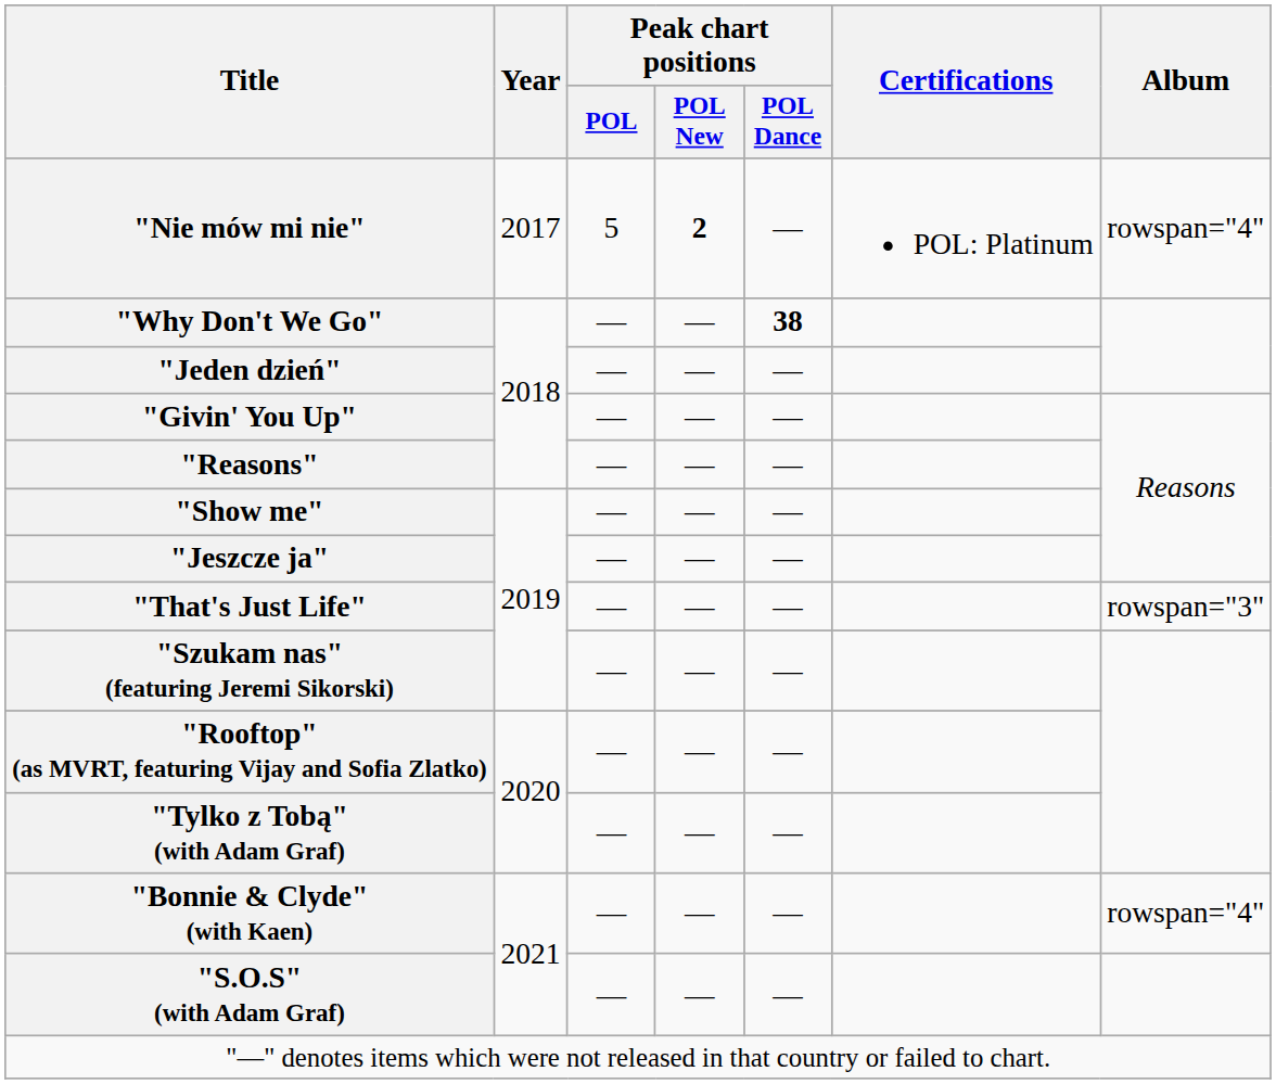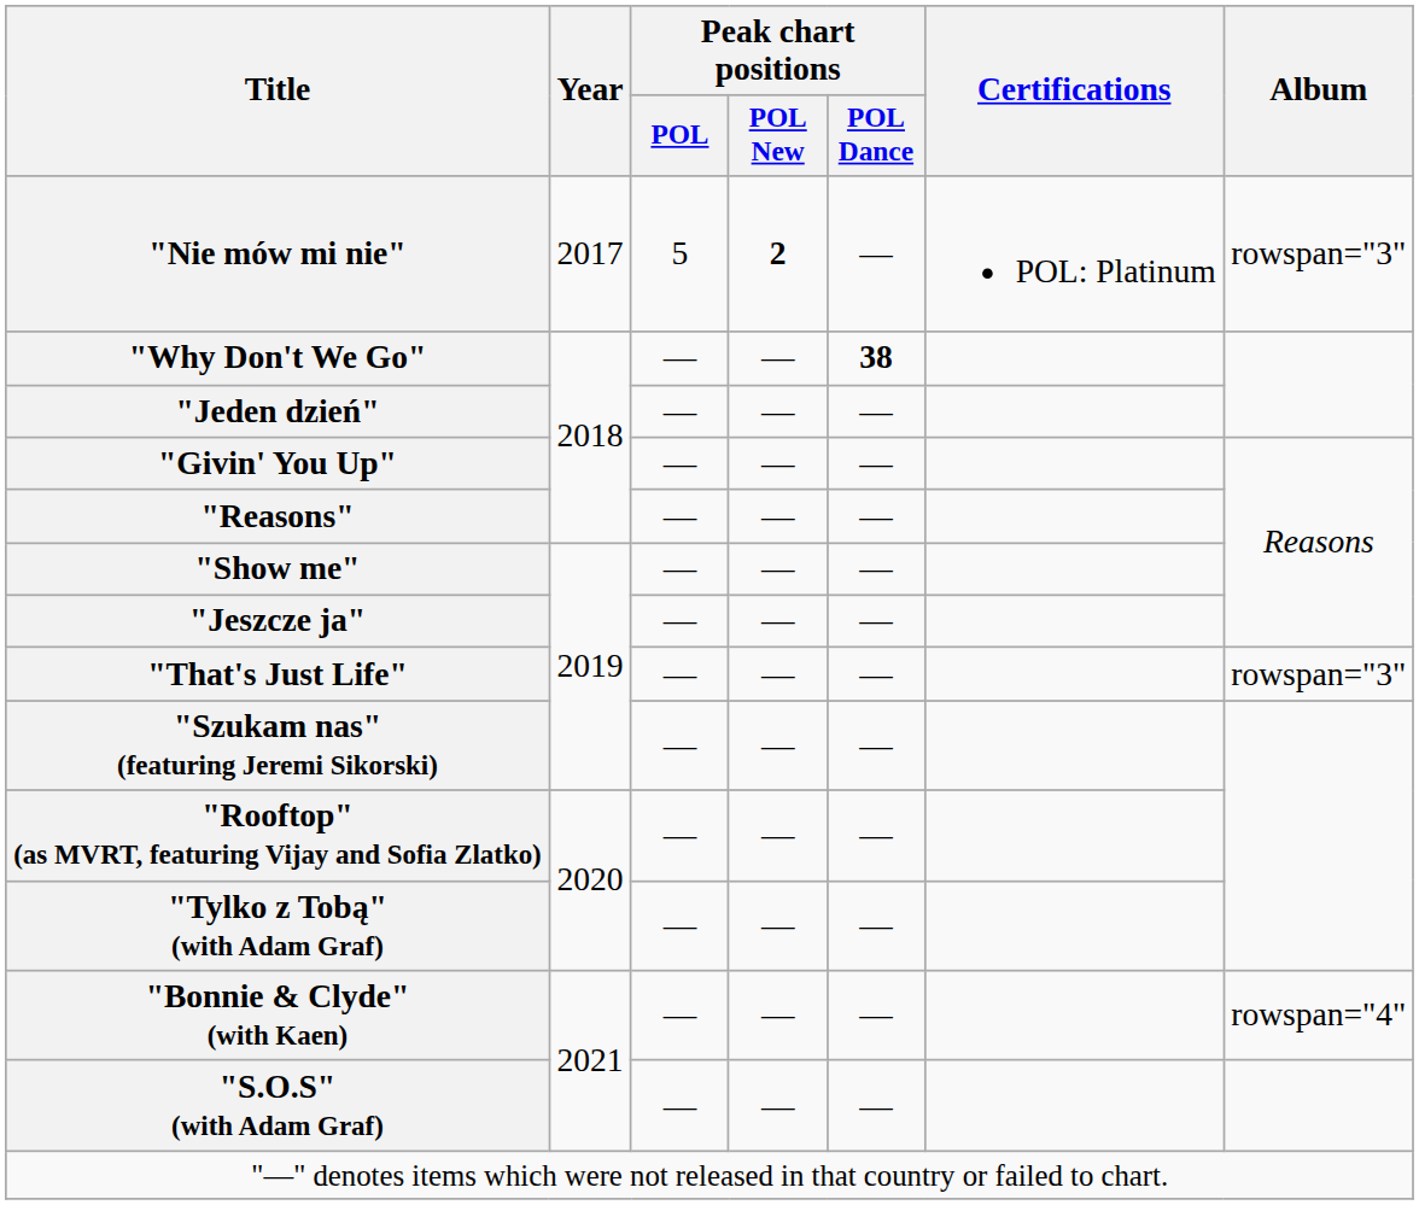 <table class="wikitable plainrowheaders" style="text-align:center;">
 <tr>
 <th rowspan="2" scope="col">Title</th>
 <th rowspan="2" scope="col">Year</th>
 <th colspan="3" scope="col">Peak chart positions</th>
 <th rowspan="2" scope="col"><a href='#'>Certifications</a></th>
 <th rowspan="2"  scope="col">Album</th>
 </tr>
 <tr>
 <th scope="col" style="width:3em;font-size:85%;"><a href='#'>POL</a><br></th>
 <th scope="col" style="width:3em;font-size:85%;"><a href='#'>POL<br>New</a><br></th>
 <th scope="col" style="width:3em;font-size:85%;"><a href='#'>POL<br>Dance</a><br></th>
 </tr>
 <tr>
 <th scope="row">"Nie mów mi nie"</th>
 <td>2017</td>
 <td>5</td>
 <td><strong>2</strong></td>
 <td>—</td>
 <td><br><ul><li>POL: Platinum</li></ul></td>
-<td>rowspan="4" </td>
+<td>rowspan="3" </td>
 </tr>
 <tr>
 <th scope="row">"Why Don't We Go"</th>
 <td rowspan="4">2018</td>
 <td>—</td>
 <td>—</td>
 <td><strong>38</strong></td>
 <td></td>
 </tr>
 <tr>
 <th scope="row">"Jeden dzień"</th>
 <td>—</td>
 <td>—</td>
 <td>—</td>
 <td></td>
 </tr>
 <tr>
 <th scope="row">"Givin' You Up"</th>
 <td>—</td>
 <td>—</td>
 <td>—</td>
 <td></td>
 <td rowspan="4"><em>Reasons</em></td>
 </tr>
 <tr>
 <th scope="row">"Reasons"</th>
 <td>—</td>
 <td>—</td>
 <td>—</td>
 <td></td>
 </tr>
 <tr>
 <th scope="row">"Show me"</th>
 <td rowspan="4">2019</td>
 <td>—</td>
 <td>—</td>
 <td>—</td>
 <td></td>
 </tr>
 <tr>
 <th scope="row">"Jeszcze ja"</th>
 <td>—</td>
 <td>—</td>
 <td>—</td>
 <td></td>
 </tr>
 <tr>
 <th scope="row">"That's Just Life"</th>
 <td>—</td>
 <td>—</td>
 <td>—</td>
 <td></td>
 <td>rowspan="3" </td>
 </tr>
 <tr>
 <th scope="row">"Szukam nas"<br><small>(featuring Jeremi Sikorski)</small></th>
 <td>—</td>
 <td>—</td>
 <td>—</td>
 <td></td>
 </tr>
 <tr>
 <th scope="row">"Rooftop"<br><small>(as MVRT, featuring Vijay and Sofia Zlatko)</small></th>
 <td rowspan="2">2020</td>
 <td>—</td>
 <td>—</td>
 <td>—</td>
 <td></td>
 </tr>
 <tr>
 <th scope="row">"Tylko z Tobą"<br><small>(with Adam Graf)</small></th>
 <td>—</td>
 <td>—</td>
 <td>—</td>
 <td></td>
 </tr>
 <tr>
 <th scope="row">"Bonnie & Clyde"<br><small>(with Kaen)</small></th>
 <td rowspan="2">2021</td>
 <td>—</td>
 <td>—</td>
 <td>—</td>
 <td></td>
 <td>rowspan="4" </td>
 </tr>
 <tr>
 <th scope="row">"S.O.S"<br><small>(with Adam Graf)</small></th>
 <td>—</td>
 <td>—</td>
 <td>—</td>
 <td></td>
 <td></td>
 </tr>
 <tr>
 <td colspan="7" style="font-size:90%;">"—" denotes items which were not released in that country or failed to chart.</td>
 </tr>
 </table>
